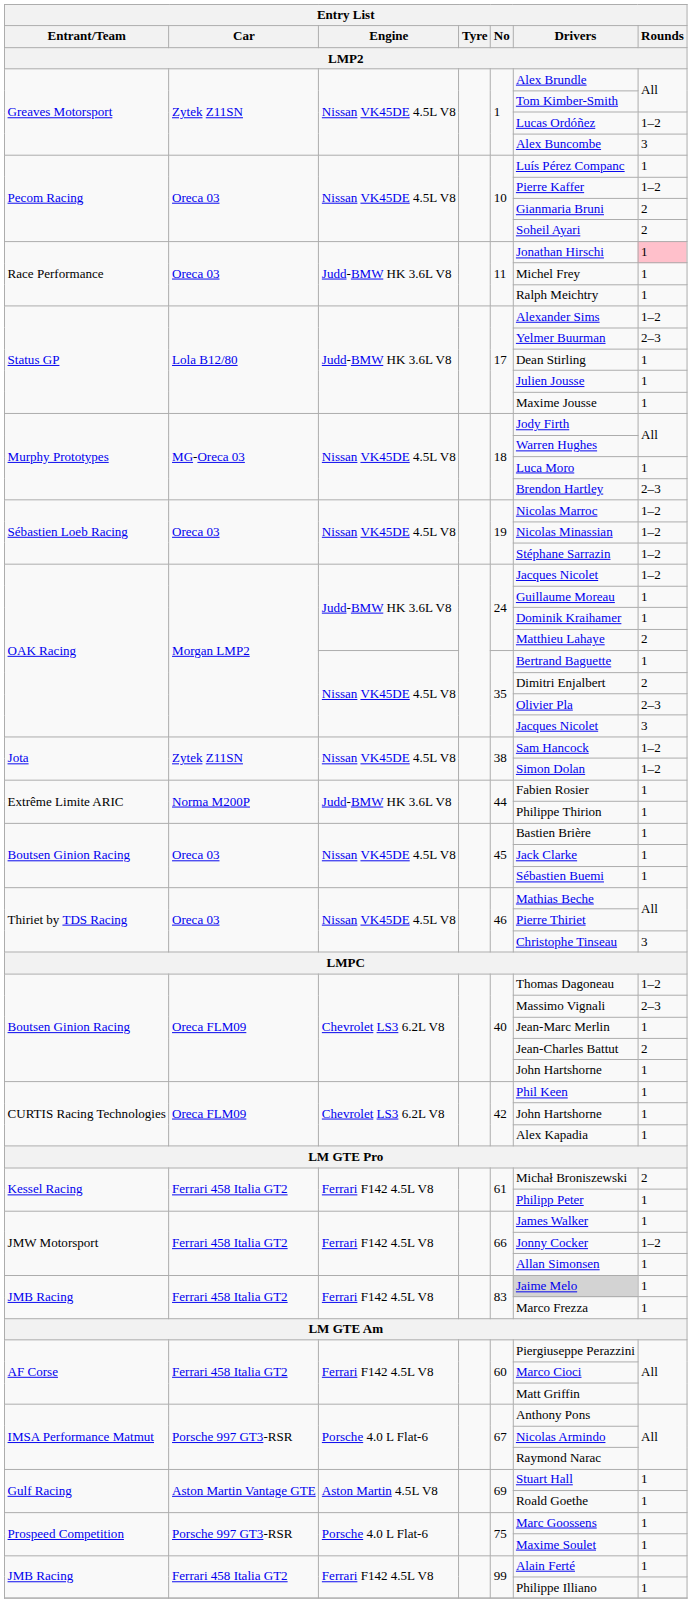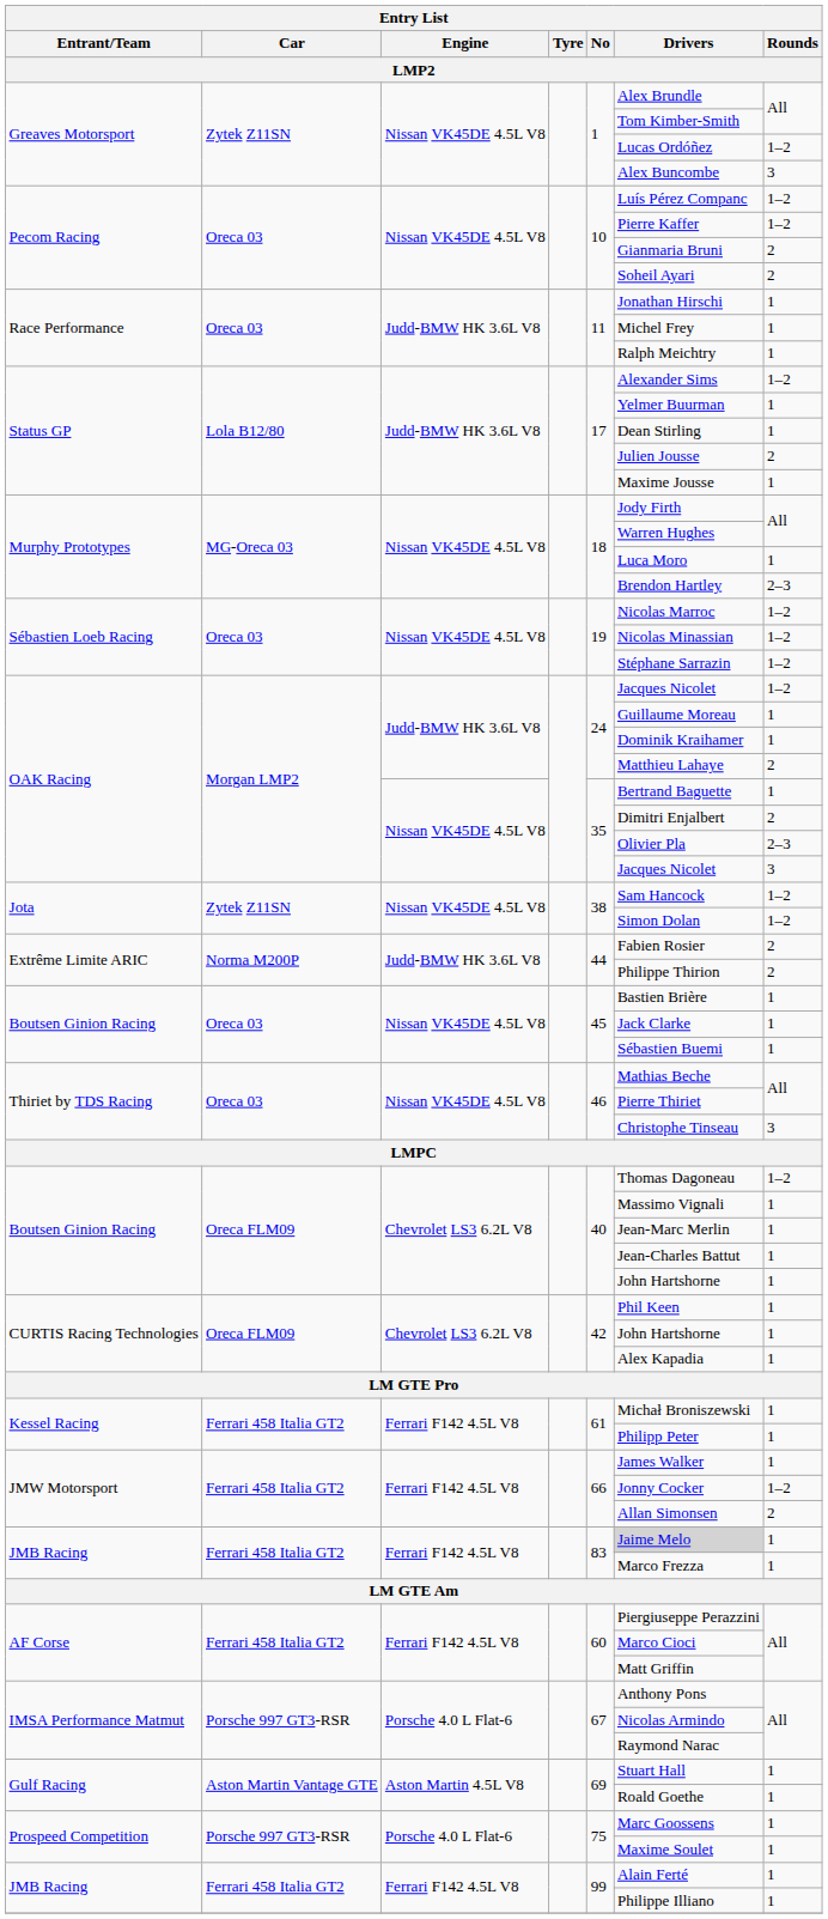 <table class="wikitable" style="font-size: 85%;">
 <tr>
 <th colspan=7>Entry List</th>
 </tr>
 <tr>
 <th>Entrant/Team</th>
 <th>Car</th>
 <th>Engine</th>
 <th>Tyre</th>
 <th>No</th>
 <th>Drivers</th>
 <th>Rounds</th>
 </tr>
 <tr>
 <th colspan=7>LMP2</th>
 </tr>
 <tr>
 <td rowspan=4> <a href='#'>Greaves Motorsport</a></td>
 <td rowspan=4><a href='#'>Zytek</a> <a href='#'>Z11SN</a></td>
 <td rowspan=4><a href='#'>Nissan</a> <a href='#'>VK45DE</a> 4.5L V8</td>
 <td rowspan=4></td>
 <td rowspan=4>1</td>
 <td> <a href='#'>Alex Brundle</a></td>
 <td rowspan=2>All</td>
 </tr>
 <tr>
 <td> <a href='#'>Tom Kimber-Smith</a></td>
 </tr>
 <tr>
 <td> <a href='#'>Lucas Ordóñez</a></td>
 <td>1–2</td>
 </tr>
 <tr>
 <td> <a href='#'>Alex Buncombe</a></td>
 <td>3</td>
 </tr>
 <tr>
 <td rowspan=4> <a href='#'>Pecom Racing</a></td>
 <td rowspan=4><a href='#'>Oreca 03</a></td>
 <td rowspan=4><a href='#'>Nissan</a> <a href='#'>VK45DE</a> 4.5L V8</td>
 <td rowspan=4></td>
 <td rowspan=4>10</td>
 <td> <a href='#'>Luís Pérez Companc</a></td>
-<td>1</td>
+<td>1–2</td>
 </tr>
 <tr>
 <td> <a href='#'>Pierre Kaffer</a></td>
 <td>1–2</td>
 </tr>
 <tr>
 <td> <a href='#'>Gianmaria Bruni</a></td>
 <td>2</td>
 </tr>
 <tr>
 <td> <a href='#'>Soheil Ayari</a></td>
 <td>2</td>
 </tr>
 <tr>
 <td rowspan=3> Race Performance</td>
 <td rowspan=3><a href='#'>Oreca 03</a></td>
 <td rowspan=3><a href='#'>Judd</a>-<a href='#'>BMW</a> HK 3.6L V8</td>
 <td rowspan=3></td>
 <td rowspan=3>11</td>
 <td> <a href='#'>Jonathan Hirschi</a></td>
-<td style="background: pink;">1</td>
+<td>1</td>
 </tr>
 <tr>
 <td> Michel Frey</td>
 <td>1</td>
 </tr>
 <tr>
 <td> Ralph Meichtry</td>
 <td>1</td>
 </tr>
 <tr>
 <td rowspan=5> <a href='#'>Status GP</a></td>
 <td rowspan=5><a href='#'>Lola B12/80</a></td>
 <td rowspan=5><a href='#'>Judd</a>-<a href='#'>BMW</a> HK 3.6L V8</td>
 <td rowspan=5></td>
 <td rowspan=5>17</td>
 <td> <a href='#'>Alexander Sims</a></td>
 <td>1–2</td>
 </tr>
 <tr>
 <td> <a href='#'>Yelmer Buurman</a></td>
-<td>2–3</td>
+<td>1</td>
 </tr>
 <tr>
 <td> Dean Stirling</td>
 <td>1</td>
 </tr>
 <tr>
 <td> <a href='#'>Julien Jousse</a></td>
-<td>1</td>
+<td>2</td>
 </tr>
 <tr>
 <td> Maxime Jousse</td>
 <td>1</td>
 </tr>
 <tr>
 <td rowspan=4> <a href='#'>Murphy Prototypes</a></td>
 <td rowspan=4><a href='#'>MG</a>-<a href='#'>Oreca 03</a></td>
 <td rowspan=4><a href='#'>Nissan</a> <a href='#'>VK45DE</a> 4.5L V8</td>
 <td rowspan=4></td>
 <td rowspan=4>18</td>
 <td> <a href='#'>Jody Firth</a></td>
 <td rowspan=2>All</td>
 </tr>
 <tr>
 <td> <a href='#'>Warren Hughes</a></td>
 </tr>
 <tr>
 <td> <a href='#'>Luca Moro</a></td>
 <td>1</td>
 </tr>
 <tr>
 <td> <a href='#'>Brendon Hartley</a></td>
 <td>2–3</td>
 </tr>
 <tr>
 <td rowspan=3> <a href='#'>Sébastien Loeb Racing</a></td>
 <td rowspan=3><a href='#'>Oreca 03</a></td>
 <td rowspan=3><a href='#'>Nissan</a> <a href='#'>VK45DE</a> 4.5L V8</td>
 <td rowspan=3></td>
 <td rowspan=3>19</td>
 <td> <a href='#'>Nicolas Marroc</a></td>
 <td>1–2</td>
 </tr>
 <tr>
 <td> <a href='#'>Nicolas Minassian</a></td>
 <td>1–2</td>
 </tr>
 <tr>
 <td> <a href='#'>Stéphane Sarrazin</a></td>
 <td>1–2</td>
 </tr>
 <tr>
 <td rowspan=8> <a href='#'>OAK Racing</a></td>
 <td rowspan=8><a href='#'>Morgan LMP2</a></td>
 <td rowspan=4><a href='#'>Judd</a>-<a href='#'>BMW</a> HK 3.6L V8</td>
 <td rowspan=8></td>
 <td rowspan=4>24</td>
 <td> <a href='#'>Jacques Nicolet</a></td>
 <td>1–2</td>
 </tr>
 <tr>
 <td> <a href='#'>Guillaume Moreau</a></td>
 <td>1</td>
 </tr>
 <tr>
 <td> <a href='#'>Dominik Kraihamer</a></td>
 <td>1</td>
 </tr>
 <tr>
 <td> <a href='#'>Matthieu Lahaye</a></td>
 <td>2</td>
 </tr>
 <tr>
 <td rowspan=4><a href='#'>Nissan</a> <a href='#'>VK45DE</a> 4.5L V8</td>
 <td rowspan=4>35</td>
 <td> <a href='#'>Bertrand Baguette</a></td>
 <td>1</td>
 </tr>
 <tr>
 <td> Dimitri Enjalbert</td>
 <td>2</td>
 </tr>
 <tr>
 <td> <a href='#'>Olivier Pla</a></td>
 <td>2–3</td>
 </tr>
 <tr>
 <td> <a href='#'>Jacques Nicolet</a></td>
 <td>3</td>
 </tr>
 <tr>
 <td rowspan=2> <a href='#'>Jota</a></td>
 <td rowspan=2><a href='#'>Zytek</a> <a href='#'>Z11SN</a></td>
 <td rowspan=2><a href='#'>Nissan</a> <a href='#'>VK45DE</a> 4.5L V8</td>
 <td rowspan=2></td>
 <td rowspan=2>38</td>
 <td> <a href='#'>Sam Hancock</a></td>
 <td>1–2</td>
 </tr>
 <tr>
 <td> <a href='#'>Simon Dolan</a></td>
 <td>1–2</td>
 </tr>
 <tr>
 <td rowspan=2> Extrême Limite ARIC</td>
 <td rowspan=2><a href='#'>Norma M200P</a></td>
 <td rowspan=2><a href='#'>Judd</a>-<a href='#'>BMW</a> HK 3.6L V8</td>
 <td rowspan=2></td>
 <td rowspan=2>44</td>
 <td> Fabien Rosier</td>
-<td>1</td>
+<td>2</td>
 </tr>
 <tr>
 <td> Philippe Thirion</td>
-<td>1</td>
+<td>2</td>
 </tr>
 <tr>
 <td rowspan=3> <a href='#'>Boutsen Ginion Racing</a></td>
 <td rowspan=3><a href='#'>Oreca 03</a></td>
 <td rowspan=3><a href='#'>Nissan</a> <a href='#'>VK45DE</a> 4.5L V8</td>
 <td rowspan=3></td>
 <td rowspan=3>45</td>
 <td> Bastien Brière</td>
 <td>1</td>
 </tr>
 <tr>
 <td> <a href='#'>Jack Clarke</a></td>
 <td>1</td>
 </tr>
 <tr>
 <td> <a href='#'>Sébastien Buemi</a></td>
 <td>1</td>
 </tr>
 <tr>
 <td rowspan=3> Thiriet by <a href='#'>TDS Racing</a></td>
 <td rowspan=3><a href='#'>Oreca 03</a></td>
 <td rowspan=3><a href='#'>Nissan</a> <a href='#'>VK45DE</a> 4.5L V8</td>
 <td rowspan=3></td>
 <td rowspan=3>46</td>
 <td> <a href='#'>Mathias Beche</a></td>
 <td rowspan=2>All</td>
 </tr>
 <tr>
 <td> <a href='#'>Pierre Thiriet</a></td>
 </tr>
 <tr>
 <td> <a href='#'>Christophe Tinseau</a></td>
 <td>3</td>
 </tr>
 <tr>
 <th colspan=7>LMPC</th>
 </tr>
 <tr>
 <td rowspan=5> <a href='#'>Boutsen Ginion Racing</a></td>
 <td rowspan=5><a href='#'>Oreca FLM09</a></td>
 <td rowspan=5><a href='#'>Chevrolet</a> <a href='#'>LS3</a> 6.2L V8</td>
 <td rowspan=5></td>
 <td rowspan=5>40</td>
 <td> Thomas Dagoneau</td>
 <td>1–2</td>
 </tr>
 <tr>
 <td> Massimo Vignali</td>
-<td>2–3</td>
+<td>1</td>
 </tr>
 <tr>
 <td> Jean-Marc Merlin</td>
 <td>1</td>
 </tr>
 <tr>
 <td> Jean-Charles Battut</td>
-<td>2</td>
+<td>1</td>
 </tr>
 <tr>
 <td> John Hartshorne</td>
 <td>1</td>
 </tr>
 <tr>
 <td rowspan=3> CURTIS Racing Technologies</td>
 <td rowspan=3><a href='#'>Oreca FLM09</a></td>
 <td rowspan=3><a href='#'>Chevrolet</a> <a href='#'>LS3</a> 6.2L V8</td>
 <td rowspan=3></td>
 <td rowspan=3>42</td>
 <td> <a href='#'>Phil Keen</a></td>
 <td>1</td>
 </tr>
 <tr>
 <td> John Hartshorne</td>
 <td>1</td>
 </tr>
 <tr>
 <td> Alex Kapadia</td>
 <td>1</td>
 </tr>
 <tr>
 <th colspan=7>LM GTE Pro</th>
 </tr>
 <tr>
 <td rowspan=2> <a href='#'>Kessel Racing</a></td>
 <td rowspan=2><a href='#'>Ferrari 458 Italia GT2</a></td>
 <td rowspan=2><a href='#'>Ferrari</a> F142 4.5L V8</td>
 <td rowspan=2></td>
 <td rowspan=2>61</td>
 <td> Michał Broniszewski</td>
-<td>2</td>
+<td>1</td>
 </tr>
 <tr>
 <td> <a href='#'>Philipp Peter</a></td>
 <td>1</td>
 </tr>
 <tr>
 <td rowspan=3> JMW Motorsport</td>
 <td rowspan=3><a href='#'>Ferrari 458 Italia GT2</a></td>
 <td rowspan=3><a href='#'>Ferrari</a> F142 4.5L V8</td>
 <td rowspan=3></td>
 <td rowspan=3>66</td>
 <td> <a href='#'>James Walker</a></td>
 <td>1</td>
 </tr>
 <tr>
 <td> <a href='#'>Jonny Cocker</a></td>
 <td>1–2</td>
 </tr>
 <tr>
 <td> <a href='#'>Allan Simonsen</a></td>
-<td>1</td>
+<td>2</td>
 </tr>
 <tr>
 <td rowspan=2> <a href='#'>JMB Racing</a></td>
 <td rowspan=2><a href='#'>Ferrari 458 Italia GT2</a></td>
 <td rowspan=2><a href='#'>Ferrari</a> F142 4.5L V8</td>
 <td rowspan=2></td>
 <td rowspan=2>83</td>
 <td style="background: lightgrey;"> <a href='#'>Jaime Melo</a></td>
 <td>1</td>
 </tr>
 <tr>
 <td> Marco Frezza</td>
 <td>1</td>
 </tr>
 <tr>
 <th colspan=7>LM GTE Am</th>
 </tr>
 <tr>
 <td rowspan=3> <a href='#'>AF Corse</a></td>
 <td rowspan=3><a href='#'>Ferrari 458 Italia GT2</a></td>
 <td rowspan=3><a href='#'>Ferrari</a> F142 4.5L V8</td>
 <td rowspan=3></td>
 <td rowspan=3>60</td>
 <td> Piergiuseppe Perazzini</td>
 <td rowspan=3>All</td>
 </tr>
 <tr>
 <td> <a href='#'>Marco Cioci</a></td>
 </tr>
 <tr>
 <td> Matt Griffin</td>
 </tr>
 <tr>
 <td rowspan=3> <a href='#'>IMSA Performance Matmut</a></td>
 <td rowspan=3><a href='#'>Porsche 997 GT3</a>-RSR</td>
 <td rowspan=3><a href='#'>Porsche</a> 4.0 L Flat-6</td>
 <td rowspan=3></td>
 <td rowspan=3>67</td>
 <td> Anthony Pons</td>
 <td rowspan=3>All</td>
 </tr>
 <tr>
 <td> <a href='#'>Nicolas Armindo</a></td>
 </tr>
 <tr>
 <td> Raymond Narac</td>
 </tr>
 <tr>
 <td rowspan=2> <a href='#'>Gulf Racing</a></td>
 <td rowspan=2><a href='#'>Aston Martin Vantage GTE</a></td>
 <td rowspan=2><a href='#'>Aston Martin</a> 4.5L V8</td>
 <td rowspan=2></td>
 <td rowspan=2>69</td>
 <td> <a href='#'>Stuart Hall</a></td>
 <td>1</td>
 </tr>
 <tr>
 <td> Roald Goethe</td>
 <td>1</td>
 </tr>
 <tr>
 <td rowspan=2> <a href='#'>Prospeed Competition</a></td>
 <td rowspan=2><a href='#'>Porsche 997 GT3</a>-RSR</td>
 <td rowspan=2><a href='#'>Porsche</a> 4.0 L Flat-6</td>
 <td rowspan=2></td>
 <td rowspan=2>75</td>
 <td> <a href='#'>Marc Goossens</a></td>
 <td>1</td>
 </tr>
 <tr>
 <td> <a href='#'>Maxime Soulet</a></td>
 <td>1</td>
 </tr>
 <tr>
 <td rowspan=2> <a href='#'>JMB Racing</a></td>
 <td rowspan=2><a href='#'>Ferrari 458 Italia GT2</a></td>
 <td rowspan=2><a href='#'>Ferrari</a> F142 4.5L V8</td>
 <td rowspan=2></td>
 <td rowspan=2>99</td>
 <td> <a href='#'>Alain Ferté</a></td>
 <td>1</td>
 </tr>
 <tr>
 <td> Philippe Illiano</td>
 <td>1</td>
 </tr>
 <tr>
 </tr>
 </table>
